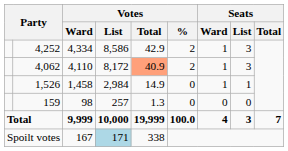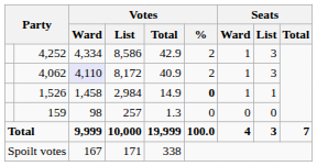 <table class=wikitable style="text-align:right">
 <tr>
 <th rowspan="2" colspan="2">Party</th>
 <th colspan="4" align="center">Votes</th>
 <th colspan="3" align="center">Seats</th>
 </tr>
 <tr>
 <th>Ward</th>
 <th>List</th>
 <th>Total</th>
 <th>%</th>
 <th>Ward</th>
 <th>List</th>
 <th>Total</th>
 </tr>
 <tr>
 <td></td>
 <td>4,252</td>
 <td>4,334</td>
 <td>8,586</td>
 <td>42.9</td>
 <td>2</td>
 <td>1</td>
 <td>3</td>
 </tr>
 <tr>
 <td></td>
 <td>4,062</td>
-<td>4,110</td>
+<td style="background: lavender;">4,110</td>
 <td>8,172</td>
-<td style="background: lightsalmon;">40.9</td>
+<td>40.9</td>
 <td>2</td>
 <td>1</td>
 <td>3</td>
 </tr>
 <tr>
 <td></td>
 <td>1,526</td>
 <td>1,458</td>
 <td>2,984</td>
 <td>14.9</td>
-<td>0</td>
+<td><strong>0</strong></td>
 <td>1</td>
 <td>1</td>
 </tr>
 <tr>
 <td></td>
 <td>159</td>
 <td>98</td>
 <td>257</td>
 <td>1.3</td>
 <td>0</td>
 <td>0</td>
 <td>0</td>
 </tr>
 <tr>
 <td colspan="2" style="text-align:left"><strong>Total</strong></td>
 <td><strong>9,999</strong></td>
 <td><strong>10,000</strong></td>
 <td><strong>19,999</strong></td>
 <td><strong>100.0</strong></td>
 <td><strong>4</strong></td>
 <td><strong>3</strong></td>
 <td><strong>7</strong></td>
 </tr>
 <tr>
 <td colspan="2" style="text-align:left">Spoilt votes</td>
 <td>167</td>
-<td style="background: lightblue;">171</td>
+<td>171</td>
 <td>338</td>
 </tr>
 </table>
